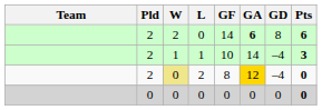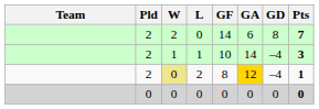 <table class="wikitable" style="text-align:center;">
 <tr>
 <th width=160>Team</th>
 <th width=25>Pld</th>
 <th width=25>W</th>
 <th width=25>L</th>
 <th width=25>GF</th>
 <th width=25>GA</th>
 <th width=25>GD</th>
 <th width=25>Pts</th>
 </tr>
 <tr bgcolor=#ccffcc>
 <td align=left></td>
 <td>2</td>
 <td>2</td>
 <td>0</td>
 <td>14</td>
-<td><strong>6</strong></td>
+<td>6</td>
 <td>8</td>
-<td><strong>6</strong></td>
+<td><strong>7</strong></td>
 </tr>
 <tr bgcolor=#ccffcc>
 <td align=left></td>
 <td>2</td>
 <td>1</td>
 <td>1</td>
 <td>10</td>
 <td>14</td>
 <td>–4</td>
 <td><strong>3</strong></td>
 </tr>
 <tr>
 <td align=left></td>
 <td>2</td>
 <td style="background: khaki;">0</td>
 <td>2</td>
 <td>8</td>
 <td style="background: gold;">12</td>
 <td>–4</td>
-<td><strong>0</strong></td>
+<td><strong>1</strong></td>
 </tr>
 <tr bgcolor=lightgrey>
 <td align=left></td>
 <td>0</td>
 <td>0</td>
 <td>0</td>
 <td>0</td>
 <td>0</td>
 <td>0</td>
 <td><strong>0</strong></td>
 </tr>
 </table>
